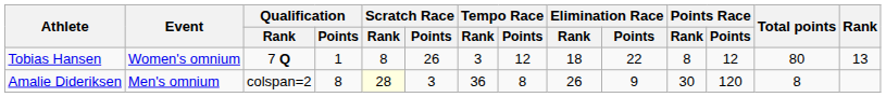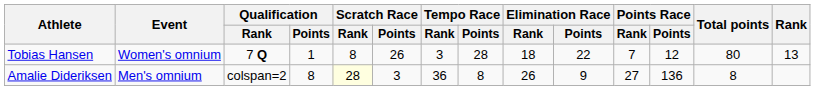 <table class="wikitable" style="font-size:90%">
 <tr>
 <th rowspan="2">Athlete</th>
 <th rowspan="2">Event</th>
 <th colspan=2>Qualification</th>
 <th colspan=2>Scratch Race</th>
 <th colspan=2>Tempo Race</th>
 <th colspan=2>Elimination Race</th>
 <th colspan=2>Points Race</th>
 <th rowspan=2>Total points</th>
 <th rowspan=2>Rank</th>
 </tr>
 <tr style="font-size:95%">
 <th>Rank</th>
 <th>Points</th>
 <th>Rank</th>
 <th>Points</th>
 <th>Rank</th>
 <th>Points</th>
 <th>Rank</th>
 <th>Points</th>
 <th>Rank</th>
 <th>Points</th>
 </tr>
 <tr align=center>
 <td align=left><a href='#'>Tobias Hansen</a></td>
 <td align=left><a href='#'>Women's omnium</a></td>
 <td>7 <strong>Q</strong></td>
 <td>1</td>
 <td>8</td>
 <td>26</td>
 <td>3</td>
-<td>12</td>
+<td>28</td>
 <td>18</td>
 <td>22</td>
-<td>8</td>
+<td>7</td>
 <td>12</td>
 <td>80</td>
 <td>13</td>
 </tr>
 <tr align=center>
 <td align=left><a href='#'>Amalie Dideriksen</a></td>
 <td align=left><a href='#'>Men's omnium</a></td>
 <td>colspan=2</td>
 <td>8</td>
 <td style="background: lightyellow;">28</td>
 <td>3</td>
 <td>36</td>
 <td>8</td>
 <td>26</td>
 <td>9</td>
-<td>30</td>
-<td>120</td>
+<td>27</td>
+<td>136</td>
 <td>8</td>
 </tr>
 </table>
